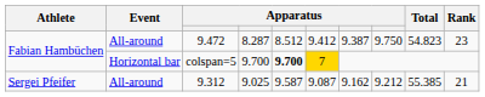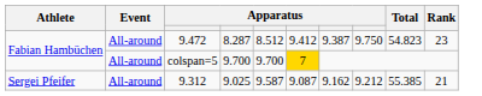 <table class="wikitable" style="font-size:90%">
 <tr>
 <th rowspan=2>Athlete</th>
 <th rowspan=2>Event</th>
 <th colspan =6>Apparatus</th>
 <th rowspan=2>Total</th>
 <th rowspan=2>Rank</th>
 </tr>
 <tr style="font-size:95%">
 <th></th>
 <th></th>
 <th></th>
 <th></th>
 <th></th>
 <th></th>
 </tr>
 <tr align=center>
 <td align=left rowspan=2><a href='#'>Fabian Hambüchen</a></td>
 <td align=left><a href='#'>All-around</a></td>
 <td>9.472</td>
 <td>8.287</td>
 <td>8.512</td>
 <td>9.412</td>
 <td>9.387</td>
 <td>9.750</td>
 <td>54.823</td>
 <td>23</td>
 </tr>
 <tr align=center>
-<td align=left><a href='#'>Horizontal bar</a></td>
+<td align=left><a href='#'>All-around</a></td>
 <td>colspan=5 </td>
 <td>9.700</td>
-<td><strong>9.700</strong></td>
+<td>9.700</td>
 <td style="background: gold;">7</td>
 </tr>
 <tr align=center>
 <td align=left><a href='#'>Sergei Pfeifer</a></td>
 <td align=left><a href='#'>All-around</a></td>
 <td>9.312</td>
 <td>9.025</td>
 <td>9.587</td>
 <td>9.087</td>
 <td>9.162</td>
 <td>9.212</td>
 <td>55.385</td>
 <td>21</td>
 </tr>
 </table>
